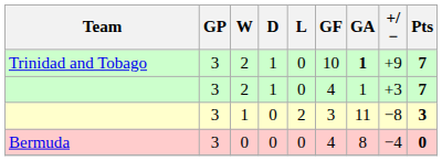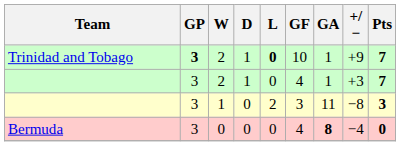 <table class="wikitable" style="text-align:center;">
 <tr>
 <th width=180>Team</th>
 <th width=20>GP</th>
 <th width=20>W</th>
 <th width=20>D</th>
 <th width=20>L</th>
 <th width=20>GF</th>
 <th width=20>GA</th>
 <th width=20>+/−</th>
 <th width=20>Pts </th>
 </tr>
 <tr bgcolor=#ccffcc>
 <td style="text-align:left;"> <a href='#'>Trinidad and Tobago</a></td>
-<td>3</td>
+<td><strong>3</strong></td>
 <td>2</td>
 <td>1</td>
-<td>0</td>
+<td><strong>0</strong></td>
 <td>10</td>
-<td><strong>1</strong></td>
+<td>1</td>
 <td>+9</td>
 <td><strong>7</strong></td>
 </tr>
 <tr bgcolor=#ccffcc>
 <td style="text-align:left;"></td>
 <td>3</td>
 <td>2</td>
 <td>1</td>
 <td>0</td>
 <td>4</td>
 <td>1</td>
 <td>+3</td>
 <td><strong>7</strong></td>
 </tr>
 <tr bgcolor=#ffffcc>
 <td style="text-align:left;"></td>
 <td>3</td>
 <td>1</td>
 <td>0</td>
 <td>2</td>
 <td>3</td>
 <td>11</td>
 <td>−8</td>
 <td><strong>3</strong></td>
 </tr>
 <tr bgcolor=#ffcccc>
 <td style="text-align:left;"> <a href='#'>Bermuda</a></td>
 <td>3</td>
 <td>0</td>
 <td>0</td>
 <td>0</td>
 <td>4</td>
-<td>8</td>
+<td><strong>8</strong></td>
 <td>−4</td>
 <td><strong>0</strong></td>
 </tr>
 <tr>
 </tr>
 </table>
